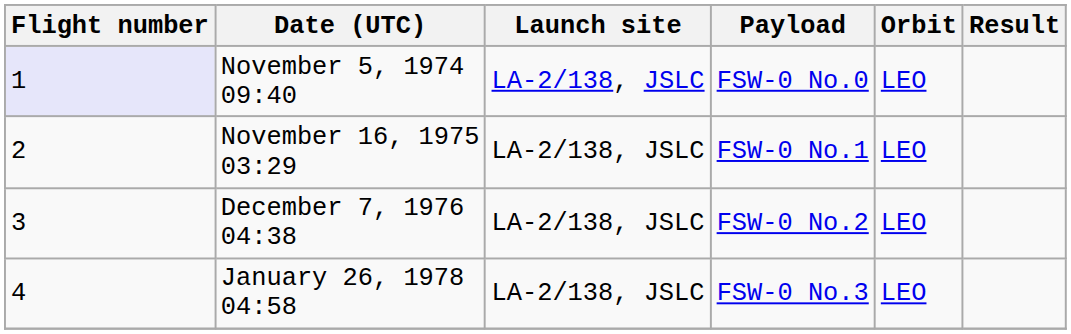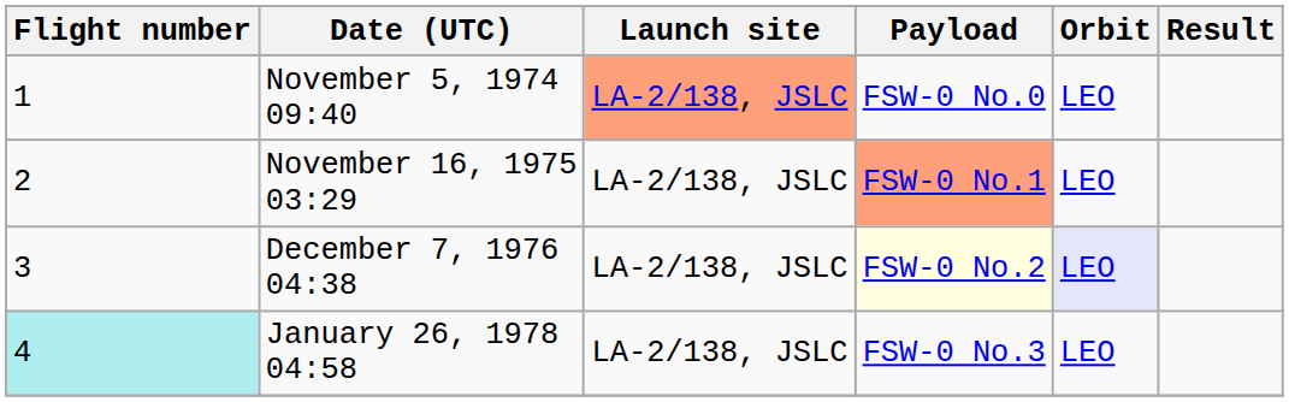 <table class="wikitable">
 <tr>
 <th>Flight number</th>
 <th>Date (UTC)</th>
 <th>Launch site</th>
 <th>Payload</th>
 <th>Orbit</th>
 <th>Result</th>
 </tr>
 <tr>
-<td style="background: lavender;">1</td>
+<td>1</td>
 <td>November 5, 1974<br>09:40</td>
-<td><a href='#'>LA-2/138</a>, <a href='#'>JSLC</a></td>
+<td style="background: lightsalmon;"><a href='#'>LA-2/138</a>, <a href='#'>JSLC</a></td>
 <td><a href='#'>FSW-0 No.0</a></td>
 <td><a href='#'>LEO</a></td>
 <td></td>
 </tr>
 <tr>
 <td>2</td>
 <td>November 16, 1975<br>03:29</td>
 <td>LA-2/138, JSLC</td>
-<td><a href='#'>FSW-0 No.1</a></td>
+<td style="background: lightsalmon;"><a href='#'>FSW-0 No.1</a></td>
 <td><a href='#'>LEO</a></td>
 <td></td>
 </tr>
 <tr>
 <td>3</td>
 <td>December 7, 1976<br>04:38</td>
 <td>LA-2/138, JSLC</td>
-<td><a href='#'>FSW-0 No.2</a></td>
-<td><a href='#'>LEO</a></td>
+<td style="background: lightyellow;"><a href='#'>FSW-0 No.2</a></td>
+<td style="background: lavender;"><a href='#'>LEO</a></td>
 <td></td>
 </tr>
 <tr>
-<td>4</td>
+<td style="background: paleturquoise;">4</td>
 <td>January 26, 1978<br>04:58</td>
 <td>LA-2/138, JSLC</td>
 <td><a href='#'>FSW-0 No.3</a></td>
 <td><a href='#'>LEO</a></td>
 <td></td>
 </tr>
 <tr>
 </tr>
 </table>
